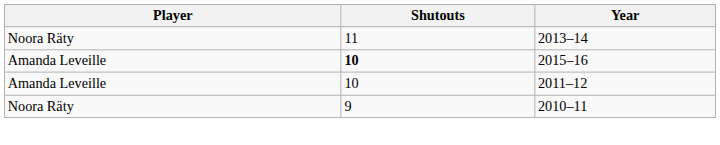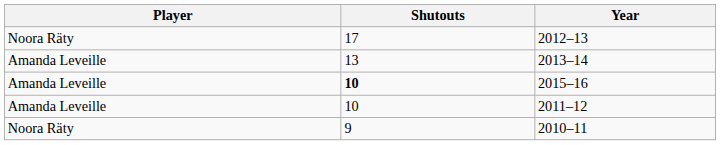 <table class="wikitable" style="width: 50em">
 <tr>
 <th>Player</th>
 <th>Shutouts</th>
 <th>Year</th>
 </tr>
 <tr>
 <td>Noora Räty</td>
-<td>11</td>
+<td>17</td>
+<td>2012–13</td>
+</tr>
+<tr>
+<td>Amanda Leveille</td>
+<td>13</td>
 <td>2013–14</td>
 </tr>
 <tr>
 <td>Amanda Leveille</td>
 <td><strong>10</strong></td>
 <td>2015–16</td>
 </tr>
 <tr>
 <td>Amanda Leveille</td>
 <td>10</td>
 <td>2011–12</td>
 </tr>
 <tr>
 <td>Noora Räty</td>
 <td>9</td>
 <td>2010–11</td>
 </tr>
 </table>
